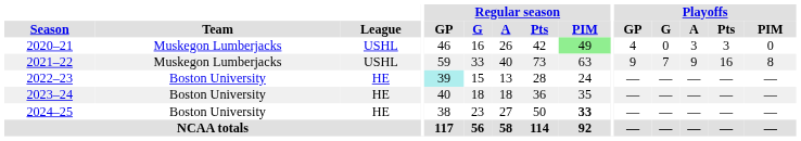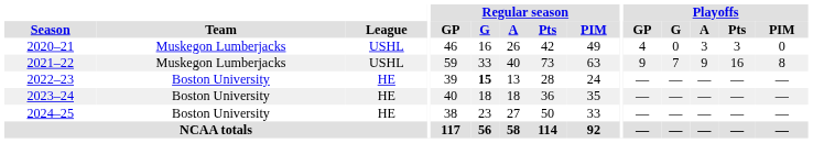 <table border="0" cellpadding="1" cellspacing="0" style="text-align:center; width:60em;">
 <tr bgcolor="#e0e0e0">
 <th colspan="3" bgcolor="#ffffff"></th>
 <th rowspan="100" bgcolor="#ffffff"></th>
 <th colspan="5"><a href='#'>Regular season</a></th>
 <th rowspan="100" bgcolor="#ffffff"></th>
 <th colspan="5"><a href='#'>Playoffs</a></th>
 </tr>
 <tr bgcolor="#e0e0e0">
 <th><a href='#'>Season</a></th>
 <th>Team</th>
 <th>League</th>
 <th>GP</th>
 <th><a href='#'>G</a></th>
 <th><a href='#'>A</a></th>
 <th><a href='#'>Pts</a></th>
 <th><a href='#'>PIM</a></th>
 <th>GP</th>
 <th>G</th>
 <th>A</th>
 <th>Pts</th>
 <th>PIM</th>
 </tr>
 <tr>
 <td><a href='#'>2020–21</a></td>
 <td><a href='#'>Muskegon Lumberjacks</a></td>
 <td><a href='#'>USHL</a></td>
 <td>46</td>
 <td>16</td>
 <td>26</td>
 <td>42</td>
-<td style="background: lightgreen;">49</td>
+<td>49</td>
 <td>4</td>
 <td>0</td>
 <td>3</td>
 <td>3</td>
 <td>0</td>
 </tr>
 <tr bgcolor="#f0f0f0">
 <td><a href='#'>2021–22</a></td>
 <td>Muskegon Lumberjacks</td>
 <td>USHL</td>
 <td>59</td>
 <td>33</td>
 <td>40</td>
 <td>73</td>
 <td>63</td>
 <td>9</td>
 <td>7</td>
 <td>9</td>
 <td>16</td>
 <td>8</td>
 </tr>
 <tr>
 <td><a href='#'>2022–23</a></td>
 <td><a href='#'>Boston University</a></td>
 <td><a href='#'>HE</a></td>
-<td style="background: paleturquoise;">39</td>
-<td>15</td>
+<td>39</td>
+<td><strong>15</strong></td>
 <td>13</td>
 <td>28</td>
 <td>24</td>
 <td>—</td>
 <td>—</td>
 <td>—</td>
 <td>—</td>
 <td>—</td>
 </tr>
 <tr bgcolor="#f0f0f0">
 <td><a href='#'>2023–24</a></td>
 <td>Boston University</td>
 <td>HE</td>
 <td>40</td>
 <td>18</td>
 <td>18</td>
 <td>36</td>
 <td>35</td>
 <td>—</td>
 <td>—</td>
 <td>—</td>
 <td>—</td>
 <td>—</td>
 </tr>
 <tr>
 <td><a href='#'>2024–25</a></td>
 <td>Boston University</td>
 <td>HE</td>
 <td>38</td>
 <td>23</td>
 <td>27</td>
 <td>50</td>
-<td><strong>33</strong></td>
+<td>33</td>
 <td>—</td>
 <td>—</td>
 <td>—</td>
 <td>—</td>
 <td>—</td>
 </tr>
 <tr bgcolor="#e0e0e0">
 <th colspan="3">NCAA totals</th>
 <th>117</th>
 <th>56</th>
 <th>58</th>
 <th>114</th>
 <th>92</th>
 <th>—</th>
 <th>—</th>
 <th>—</th>
 <th>—</th>
 <th>—</th>
 </tr>
 </table>
